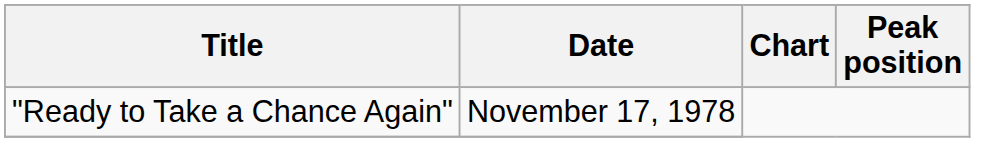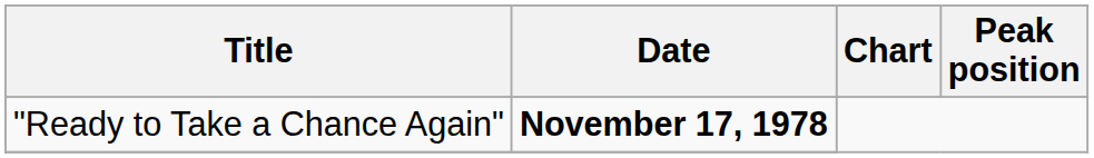 <table class="wikitable">
 <tr>
 <th>Title</th>
 <th>Date</th>
 <th>Chart</th>
 <th>Peak<br>position</th>
 </tr>
 <tr>
 <td>"Ready to Take a Chance Again"</td>
-<td>November 17, 1978<br></td>
+<td><strong>November 17, 1978<br></strong></td>
 </tr>
 <tr>
 </tr>
 </table>
